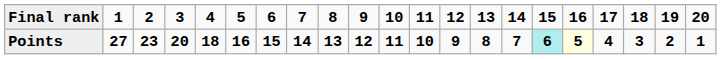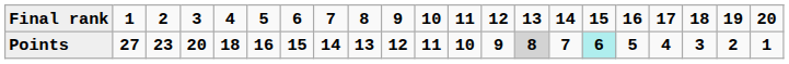 <table class="wikitable" style="font-weight:bold; text-align:center">
 <tr>
 <td align=left bgcolor=#efefef>Final rank</td>
 <td width=20>1</td>
 <td width=20>2</td>
 <td width=20>3</td>
 <td width=20>4</td>
 <td width=20>5</td>
 <td width=20>6</td>
 <td width=20>7</td>
 <td width=20>8</td>
 <td width=20>9</td>
 <td width=20>10</td>
 <td width=20>11</td>
 <td width=20>12</td>
 <td width=20>13</td>
 <td width=20>14</td>
 <td width=20>15</td>
 <td width=20>16</td>
 <td width=20>17</td>
 <td width=20>18</td>
 <td width=20>19</td>
 <td width=20>20</td>
 </tr>
 <tr>
 <td align=left bgcolor=#efefef>Points</td>
 <td width=20>27</td>
 <td width=20>23</td>
 <td width=20>20</td>
 <td width=20>18</td>
 <td width=20>16</td>
 <td width=20>15</td>
 <td width=20>14</td>
 <td width=20>13</td>
 <td width=20>12</td>
 <td width=20>11</td>
 <td width=20>10</td>
 <td width=20>9</td>
-<td width=20>8</td>
+<td width=20 style="background: lightgrey;">8</td>
 <td width=20>7</td>
 <td width=20 style="background: paleturquoise;">6</td>
-<td width=20 style="background: lightyellow;">5</td>
+<td width=20>5</td>
 <td width=20>4</td>
 <td width=20>3</td>
 <td width=20>2</td>
 <td width=20>1</td>
 </tr>
 </table>
